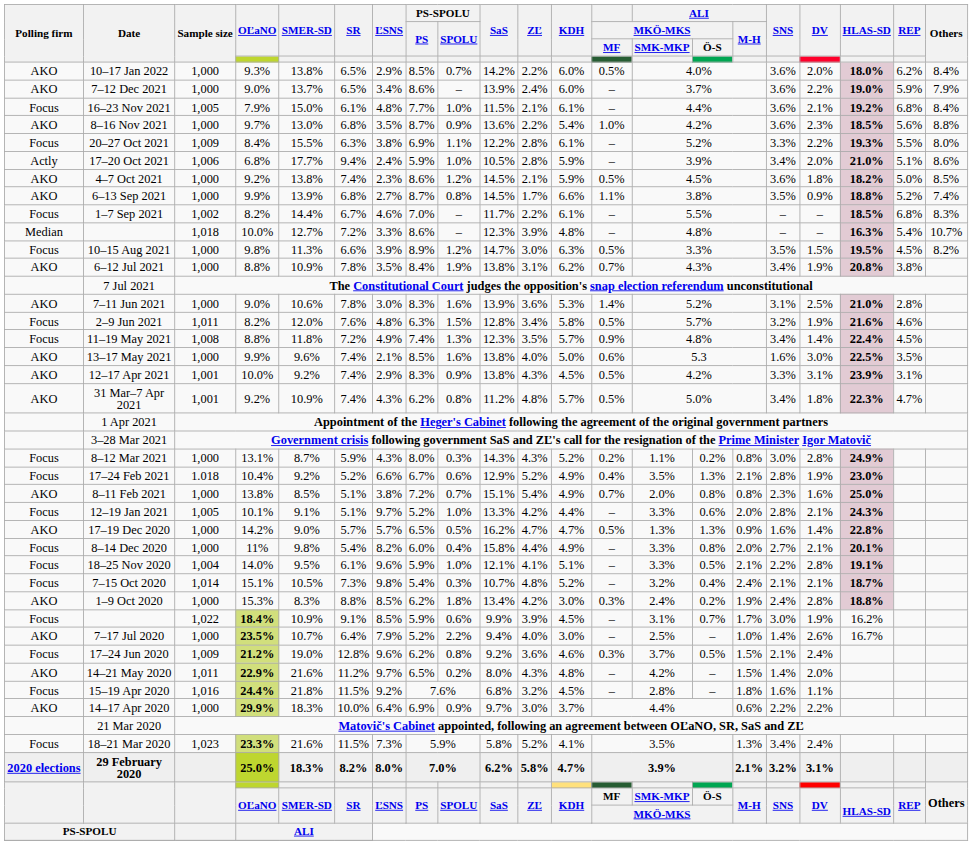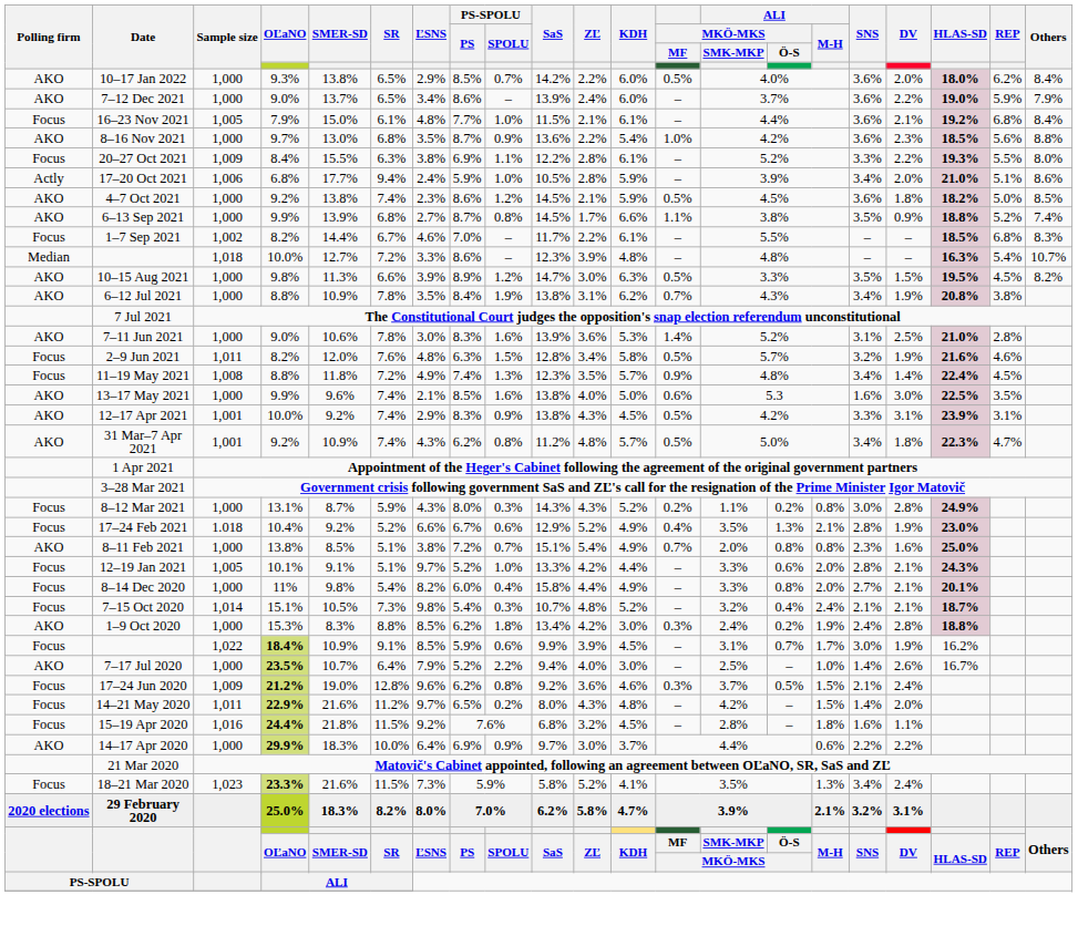 <table class="wikitable sortable nowrap mw-datatable" style="text-align:center; font-size:90%; line-height:14px;">
 <tr style="font-size:90%";>
 <th rowspan="4">Polling firm</th>
 <th style="width:100px;" data-sort-type="date"; rowspan="4">Date</th>
 <th class="unsortable" rowspan="4">Sample size</th>
 <th class="unsortable" rowspan="3"><a href='#'>OĽaNO</a></th>
 <th class="unsortable" rowspan="3"><a href='#'>SMER-SD</a></th>
 <th class="unsortable" rowspan="3"><a href='#'>SR</a></th>
 <th class="unsortable" rowspan="3"><a href='#'>ĽSNS</a></th>
 <th class="unsortable" colspan="2">PS-SPOLU</th>
 <th class="unsortable" rowspan="3"><a href='#'>SaS</a></th>
 <th class="unsortable" rowspan="3"><a href='#'>ZĽ</a></th>
 <th class="unsortable" rowspan="3"><a href='#'>KDH</a></th>
 <th class="unsortable"></th>
 <th class="unsortable" colspan="3"><a href='#'>ALI</a></th>
 <th class="unsortable" rowspan="3"><a href='#'>SNS</a></th>
 <th rowspan="3" class="unsortable"><a href='#'>DV</a></th>
 <th class="unsortable" rowspan="3"><a href='#'>HLAS-SD</a></th>
 <th class="unsortable" rowspan="3"><a href='#'>REP</a></th>
 <th class="unsortable" style="width:20px;" rowspan="4">Others</th>
 </tr>
 <tr style="font-size:90%";>
 <th class="unsortable" rowspan="2"><a href='#'>PS</a></th>
 <th class="unsortable" rowspan="2"><a href='#'>SPOLU</a></th>
 <th class="unsortable" colspan="3"><a href='#'>MKÖ-MKS</a></th>
 <th class="unsortable" rowspan="2"><a href='#'>M-H</a></th>
 </tr>
 <tr style="font-size:90%";>
 <th class="unsortable"><a href='#'>MF</a></th>
 <th class="unsortable"><a href='#'>SMK-MKP</a></th>
 <th class="unsortable">Ö-S</th>
 </tr>
 <tr>
 <th style="background:#BED62F; width:40px;"></th>
 <th style="background:"></th>
 <th style="background:"></th>
 <th style="background:"></th>
 <th style="background:"></th>
 <th style="background:"></th>
 <th style="background:"></th>
 <th style="background:"></th>
 <th style="background:"></th>
 <th style="background:#275D33; width:40px;"></th>
 <th style="background:"></th>
 <th style="background:#00A652; width:40px;"></th>
 <th style="background:"></th>
 <th style="background:"></th>
 <th style="background:#FF002B; width:40px;"></th>
 <th style="background:"></th>
 <th style="background:"></th>
 </tr>
 <tr>
 <td>AKO</td>
 <td data-sort-value="2022-01-17">10–17 Jan 2022</td>
 <td>1,000</td>
 <td>9.3%<br></td>
 <td>13.8%<br></td>
 <td>6.5%<br></td>
 <td>2.9%<br></td>
 <td>8.5%<br></td>
 <td>0.7%<br></td>
 <td>14.2%<br></td>
 <td>2.2%<br></td>
 <td>6.0%<br></td>
 <td>0.5%<br></td>
 <td colspan="3">4.0%<br></td>
 <td>3.6%<br></td>
 <td>2.0%<br></td>
 <td style="background:#E2CBD4;"><strong>18.0%</strong><br></td>
 <td>6.2%<br></td>
 <td>8.4%</td>
 </tr>
 <tr>
 <td>AKO</td>
 <td data-sort-value="2021-12-12">7–12 Dec 2021</td>
 <td>1,000</td>
 <td>9.0%<br></td>
 <td>13.7%<br></td>
 <td>6.5%<br></td>
 <td>3.4%<br></td>
 <td>8.6%<br></td>
 <td>–</td>
 <td>13.9%<br></td>
 <td>2.4%<br></td>
 <td>6.0%<br></td>
 <td>–</td>
 <td colspan="3">3.7%<br></td>
 <td>3.6%<br></td>
 <td>2.2%<br></td>
 <td style="background:#E2CBD4;"><strong>19.0%</strong><br></td>
 <td>5.9%<br></td>
 <td>7.9%</td>
 </tr>
 <tr>
 <td>Focus</td>
 <td data-sort-value="2021-11-23">16–23 Nov 2021</td>
 <td>1,005</td>
 <td>7.9%<br></td>
 <td>15.0%<br></td>
 <td>6.1%<br></td>
 <td>4.8%<br></td>
 <td>7.7%<br></td>
 <td>1.0%<br></td>
 <td>11.5%<br></td>
 <td>2.1%<br></td>
 <td>6.1%<br></td>
 <td>–</td>
 <td colspan="3">4.4%<br></td>
 <td>3.6%<br></td>
 <td>2.1%<br></td>
 <td style="background:#E2CBD4;"><strong>19.2%</strong><br></td>
 <td>6.8%<br></td>
 <td>8.4%</td>
 </tr>
 <tr>
 <td>AKO</td>
 <td data-sort-value="2021-11-16">8–16 Nov 2021</td>
 <td>1,000</td>
 <td>9.7%<br></td>
 <td>13.0%<br></td>
 <td>6.8%<br></td>
 <td>3.5%<br></td>
 <td>8.7%<br></td>
 <td>0.9%<br></td>
 <td>13.6%<br></td>
 <td>2.2%<br></td>
 <td>5.4%<br></td>
 <td>1.0%<br></td>
 <td colspan="3">4.2%<br></td>
 <td>3.6%<br></td>
 <td>2.3%<br></td>
 <td style="background:#E2CBD4;"><strong>18.5%</strong><br></td>
 <td>5.6%<br></td>
 <td>8.8%</td>
 </tr>
 <tr>
 <td>Focus</td>
 <td data-sort-value="2021-10-27">20–27 Oct 2021</td>
 <td>1,009</td>
 <td>8.4%<br></td>
 <td>15.5%<br></td>
 <td>6.3%<br></td>
 <td>3.8%<br></td>
 <td>6.9%<br></td>
 <td>1.1%<br></td>
 <td>12.2%<br></td>
 <td>2.8%<br></td>
 <td>6.1%<br></td>
 <td>–</td>
 <td colspan="3">5.2%<br></td>
 <td>3.3%<br></td>
 <td>2.2%<br></td>
 <td style="background:#E2CBD4;"><strong>19.3%</strong><br></td>
 <td>5.5%<br></td>
 <td>8.0%</td>
 </tr>
 <tr>
 <td>Actly</td>
 <td data-sort-value="2021-10-20">17–20 Oct 2021</td>
 <td>1,006</td>
 <td>6.8%<br></td>
 <td>17.7%<br></td>
 <td>9.4%<br></td>
 <td>2.4%<br></td>
 <td>5.9%<br></td>
 <td>1.0%<br></td>
 <td>10.5%<br></td>
 <td>2.8%<br></td>
 <td>5.9%<br></td>
 <td>–</td>
 <td colspan="3">3.9%<br></td>
 <td>3.4%<br></td>
 <td>2.0%<br></td>
 <td style="background:#E2CBD4;"><strong>21.0%</strong></td>
 <td>5.1%<br></td>
 <td>8.6%</td>
 </tr>
 <tr>
 <td>AKO</td>
 <td data-sort-value="2021-10-07">4–7 Oct 2021</td>
 <td>1,000</td>
 <td>9.2%<br></td>
 <td>13.8%<br></td>
 <td>7.4%<br></td>
 <td>2.3%<br></td>
 <td>8.6%<br></td>
 <td>1.2%<br></td>
 <td>14.5%<br></td>
 <td>2.1%<br></td>
 <td>5.9%<br></td>
 <td>0.5%<br></td>
 <td colspan="3">4.5%<br></td>
 <td>3.6%<br></td>
 <td>1.8%<br></td>
 <td style="background:#E2CBD4;"><strong>18.2%</strong><br></td>
 <td>5.0% <br></td>
 <td>8.5%</td>
 </tr>
 <tr>
 <td>AKO</td>
 <td data-sort-value="2021-09-13">6–13 Sep 2021</td>
 <td>1,000</td>
 <td>9.9%<br></td>
 <td>13.9%<br></td>
 <td>6.8%<br></td>
 <td>2.7%<br></td>
 <td>8.7%<br></td>
 <td>0.8%<br></td>
 <td>14.5%<br></td>
 <td>1.7%<br></td>
 <td>6.6%<br></td>
 <td>1.1%<br></td>
 <td colspan="3">3.8%<br></td>
 <td>3.5%<br></td>
 <td>0.9%<br></td>
 <td style="background:#E2CBD4;"><strong>18.8%</strong><br></td>
 <td>5.2%<br></td>
 <td>7.4%</td>
 </tr>
 <tr>
 <td>Focus</td>
 <td data-sort-value="2021-09-07">1–7 Sep 2021</td>
 <td>1,002</td>
 <td>8.2%<br></td>
 <td>14.4%<br></td>
 <td>6.7%<br></td>
 <td>4.6%<br></td>
 <td>7.0%<br></td>
 <td>–</td>
 <td>11.7%<br></td>
 <td>2.2%<br></td>
 <td>6.1%<br></td>
 <td>–</td>
 <td colspan="3">5.5%<br></td>
 <td>–</td>
 <td>–</td>
 <td style="background:#E2CBD4;"><strong>18.5%</strong><br></td>
 <td>6.8%<br></td>
 <td>8.3%</td>
 </tr>
 <tr>
 <td>Median</td>
 <td data-sort-value="2021-09-06"></td>
 <td>1,018</td>
 <td>10.0%</td>
 <td>12.7%</td>
 <td>7.2%</td>
 <td>3.3%</td>
 <td>8.6%</td>
 <td>–</td>
 <td>12.3%</td>
 <td>3.9%</td>
 <td>4.8%</td>
 <td>–</td>
 <td colspan="3">4.8%</td>
 <td>–</td>
 <td>–</td>
 <td style="background:#E2CBD4;"><strong>16.3%</strong></td>
 <td>5.4%</td>
 <td>10.7%</td>
 </tr>
 <tr>
-<td>Focus</td>
+<td>AKO</td>
 <td data-sort-value="2021-08-15">10–15 Aug 2021</td>
 <td>1,000</td>
 <td>9.8%<br></td>
 <td>11.3%<br></td>
 <td>6.6%<br></td>
 <td>3.9%<br></td>
 <td>8.9%<br></td>
 <td>1.2%<br></td>
 <td>14.7%<br></td>
 <td>3.0%<br></td>
 <td>6.3%<br></td>
 <td>0.5%<br></td>
 <td colspan="3">3.3%<br></td>
 <td>3.5%<br></td>
 <td>1.5%<br></td>
 <td style="background:#E2CBD4;"><strong>19.5%</strong><br></td>
 <td>4.5%<br></td>
 <td>8.2%</td>
 </tr>
 <tr>
 <td>AKO</td>
 <td data-sort-value="2021-07-12">6–12 Jul 2021</td>
 <td>1,000</td>
 <td>8.8%</td>
 <td>10.9%</td>
 <td>7.8%</td>
 <td>3.5%</td>
 <td>8.4%</td>
 <td>1.9%</td>
 <td>13.8%</td>
 <td>3.1%</td>
 <td>6.2%</td>
 <td>0.7%</td>
 <td colspan="3">4.3%</td>
 <td>3.4%</td>
 <td>1.9%</td>
 <td style="background:#E2CBD4;"><strong>20.8%</strong></td>
 <td>3.8%</td>
 <td></td>
 </tr>
 <tr>
 <td></td>
 <td data-sort-value="2021-04-01">7 Jul 2021</td>
 <td colspan="19"><strong>The <a href='#'>Constitutional Court</a> judges the opposition's <a href='#'>snap election referendum</a> unconstitutional</strong></td>
 </tr>
 <tr>
 <td>AKO</td>
 <td data-sort-value="2021-06-11">7–11 Jun 2021</td>
 <td>1,000</td>
 <td>9.0%</td>
 <td>10.6%</td>
 <td>7.8%</td>
 <td>3.0%</td>
 <td>8.3%</td>
 <td>1.6%</td>
 <td>13.9%</td>
 <td>3.6%</td>
 <td>5.3%</td>
 <td>1.4%</td>
 <td colspan="3">5.2%</td>
 <td>3.1%</td>
 <td>2.5%</td>
 <td style="background:#E2CBD4;"><strong>21.0%</strong></td>
 <td>2.8%</td>
 <td></td>
 </tr>
 <tr>
 <td>Focus</td>
 <td data-sort-value="2021-06-09">2–9 Jun 2021</td>
 <td>1,011</td>
 <td>8.2%</td>
 <td>12.0%</td>
 <td>7.6%</td>
 <td>4.8%</td>
 <td>6.3%</td>
 <td>1.5%</td>
 <td>12.8%</td>
 <td>3.4%</td>
 <td>5.8%</td>
 <td>0.5%</td>
 <td colspan="3">5.7%</td>
 <td>3.2%</td>
 <td>1.9%</td>
 <td style="background:#E2CBD4;"><strong>21.6%</strong></td>
 <td>4.6%</td>
 <td></td>
 </tr>
 <tr>
 <td>Focus</td>
 <td data-sort-value="2021-05-19">11–19 May 2021</td>
 <td>1,008</td>
 <td>8.8%</td>
 <td>11.8%</td>
 <td>7.2%</td>
 <td>4.9%</td>
 <td>7.4%</td>
 <td>1.3%</td>
 <td>12.3%</td>
 <td>3.5%</td>
 <td>5.7%</td>
 <td>0.9%</td>
 <td colspan="3">4.8%</td>
 <td>3.4%</td>
 <td>1.4%</td>
 <td style="background:#E2CBD4;"><strong>22.4%</strong></td>
 <td>4.5%</td>
 <td></td>
 </tr>
 <tr>
 <td>AKO</td>
 <td data-sort-value="2021-05-17">13–17 May 2021</td>
 <td>1,000</td>
 <td>9.9%</td>
 <td>9.6%</td>
 <td>7.4%</td>
 <td>2.1%</td>
 <td>8.5%</td>
 <td>1.6%</td>
 <td>13.8%</td>
 <td>4.0%</td>
 <td>5.0%</td>
 <td>0.6%</td>
 <td colspan="3">5.3</td>
 <td>1.6%</td>
 <td>3.0%</td>
 <td style="background:#E2CBD4;"><strong>22.5%</strong></td>
 <td>3.5%</td>
 <td></td>
 </tr>
 <tr>
 <td>AKO</td>
 <td data-sort-value="2021-04-17">12–17 Apr 2021</td>
 <td>1,001</td>
 <td>10.0%</td>
 <td>9.2%</td>
 <td>7.4%</td>
 <td>2.9%</td>
 <td>8.3%</td>
 <td>0.9%</td>
 <td>13.8%</td>
 <td>4.3%</td>
 <td>4.5%</td>
 <td>0.5%</td>
 <td colspan="3">4.2%</td>
 <td>3.3%</td>
 <td>3.1%</td>
 <td style="background:#E2CBD4;"><strong>23.9%</strong></td>
 <td>3.1%</td>
 <td></td>
 </tr>
 <tr>
 <td>AKO</td>
 <td data-sort-value="2021-04-07">31 Mar–7 Apr 2021</td>
 <td>1,001</td>
 <td>9.2%</td>
 <td>10.9%</td>
 <td>7.4%</td>
 <td>4.3%</td>
 <td>6.2%</td>
 <td>0.8%</td>
 <td>11.2%</td>
 <td>4.8%</td>
 <td>5.7%</td>
 <td>0.5%</td>
 <td colspan="3">5.0%</td>
 <td>3.4%</td>
 <td>1.8%</td>
 <td style="background:#E2CBD4;"><strong>22.3%</strong></td>
 <td>4.7%</td>
 <td></td>
 </tr>
 <tr>
 <td></td>
 <td data-sort-value="2021-04-01">1 Apr 2021</td>
 <td colspan="19"><strong>Appointment of the <a href='#'>Heger's Cabinet</a> following the agreement of the original government partners</strong></td>
 </tr>
 <tr>
 <td></td>
 <td data-sort-value="2021-03-28">3–28 Mar 2021</td>
 <td colspan="19"><strong><a href='#'>Government crisis</a> following government SaS and ZĽ's call for the resignation of the <a href='#'>Prime Minister</a> <a href='#'>Igor Matovič</a></strong></td>
 </tr>
 <tr>
 <td>Focus</td>
 <td data-sort-value="2021-03-12">8–12 Mar 2021</td>
 <td>1,000</td>
 <td>13.1%</td>
 <td>8.7%</td>
 <td>5.9%</td>
 <td>4.3%</td>
 <td>8.0%</td>
 <td>0.3%</td>
 <td>14.3%</td>
 <td>4.3%</td>
 <td>5.2%</td>
 <td>0.2%</td>
 <td>1.1%</td>
 <td>0.2%</td>
 <td>0.8%</td>
 <td>3.0%</td>
 <td>2.8%</td>
 <td style="background:#E2CBD4;"><strong>24.9%</strong></td>
 <td></td>
 <td></td>
 </tr>
 <tr>
 <td>Focus</td>
 <td data-sort-value="2021-02-24">17–24 Feb 2021</td>
 <td>1.018</td>
 <td>10.4%</td>
 <td>9.2%</td>
 <td>5.2%</td>
 <td>6.6%</td>
 <td>6.7%</td>
 <td>0.6%</td>
 <td>12.9%</td>
 <td>5.2%</td>
 <td>4.9%</td>
 <td>0.4%</td>
 <td>3.5%</td>
 <td>1.3%</td>
 <td>2.1%</td>
 <td>2.8%</td>
 <td>1.9%</td>
 <td style="background:#E2CBD4;"><strong>23.0%</strong></td>
 <td></td>
 <td></td>
 </tr>
 <tr>
 <td>AKO</td>
 <td data-sort-value="2021-02-11">8–11 Feb 2021</td>
 <td>1,000</td>
 <td>13.8%</td>
 <td>8.5%</td>
 <td>5.1%</td>
 <td>3.8%</td>
 <td>7.2%</td>
 <td>0.7%</td>
 <td>15.1%</td>
 <td>5.4%</td>
 <td>4.9%</td>
 <td>0.7%</td>
 <td>2.0%</td>
 <td>0.8%</td>
 <td>0.8%</td>
 <td>2.3%</td>
 <td>1.6%</td>
 <td style="background:#E2CBD4;"><strong>25.0%</strong></td>
 <td></td>
 <td></td>
 </tr>
 <tr>
 <td>Focus</td>
 <td data-sort-value="2021-01-19">12–19 Jan 2021</td>
 <td>1,005</td>
 <td>10.1%</td>
 <td>9.1%</td>
 <td>5.1%</td>
 <td>9.7%</td>
 <td>5.2%</td>
 <td>1.0%</td>
 <td>13.3%</td>
 <td>4.2%</td>
 <td>4.4%</td>
 <td>–</td>
 <td>3.3%</td>
 <td>0.6%</td>
 <td>2.0%</td>
 <td>2.8%</td>
 <td>2.1%</td>
 <td style="background:#E2CBD4;"><strong>24.3%</strong></td>
 <td></td>
 <td></td>
 </tr>
 <tr>
-<td>AKO</td>
-<td data-sort-value="2020-12-19">17–19 Dec 2020</td>
-<td>1,000</td>
-<td>14.2%</td>
-<td>9.0%</td>
-<td>5.7%</td>
-<td>5.7%</td>
-<td>6.5%</td>
-<td>0.5%</td>
-<td>16.2%</td>
-<td>4.7%</td>
-<td>4.7%</td>
-<td>0.5%</td>
-<td>1.3%</td>
-<td>1.3%</td>
-<td>0.9%</td>
-<td>1.6%</td>
-<td>1.4%</td>
-<td style="background:#E2CBD4;"><strong>22.8%</strong></td>
-<td></td>
-<td></td>
-</tr>
-<tr>
 <td>Focus</td>
 <td data-sort-value="2020-12-14">8–14 Dec 2020</td>
 <td>1,000</td>
 <td>11%</td>
 <td>9.8%</td>
 <td>5.4%</td>
 <td>8.2%</td>
 <td>6.0%</td>
 <td>0.4%</td>
 <td>15.8%</td>
 <td>4.4%</td>
 <td>4.9%</td>
 <td>–</td>
 <td>3.3%</td>
 <td>0.8%</td>
 <td>2.0%</td>
 <td>2.7%</td>
 <td>2.1%</td>
 <td style="background:#E2CBD4;"><strong>20.1%</strong></td>
-<td></td>
-<td></td>
-</tr>
-<tr>
-<td>Focus</td>
-<td data-sort-value="2020-11-25">18–25 Nov 2020</td>
-<td>1,004</td>
-<td>14.0%</td>
-<td>9.5%</td>
-<td>6.1%</td>
-<td>9.6%</td>
-<td>5.9%</td>
-<td>1.0%</td>
-<td>12.1%</td>
-<td>4.1%</td>
-<td>5.1%</td>
-<td>–</td>
-<td>3.3%</td>
-<td>0.5%</td>
-<td>2.1%</td>
-<td>2.2%</td>
-<td>2.8%</td>
-<td style="background:#E2CBD4;"><strong>19.1%</strong></td>
 <td></td>
 <td></td>
 </tr>
 <tr>
 <td>Focus</td>
 <td data-sort-value="2020-10-15">7–15 Oct 2020</td>
 <td>1,014</td>
 <td>15.1%</td>
 <td>10.5%</td>
 <td>7.3%</td>
 <td>9.8%</td>
 <td>5.4%</td>
 <td>0.3%</td>
 <td>10.7%</td>
 <td>4.8%</td>
 <td>5.2%</td>
 <td>–</td>
 <td>3.2%</td>
 <td>0.4%</td>
 <td>2.4%</td>
 <td>2.1%</td>
 <td>2.1%</td>
 <td style="background:#E2CBD4;"><strong>18.7%</strong></td>
 <td></td>
 <td></td>
 </tr>
 <tr>
 <td>AKO</td>
 <td data-sort-value="2020-10-09">1–9 Oct 2020</td>
 <td>1,000</td>
 <td>15.3%</td>
 <td>8.3%</td>
 <td>8.8%</td>
 <td>8.5%</td>
 <td>6.2%</td>
 <td>1.8%</td>
 <td>13.4%</td>
 <td>4.2%</td>
 <td>3.0%</td>
 <td>0.3%</td>
 <td>2.4%</td>
 <td>0.2%</td>
 <td>1.9%</td>
 <td>2.4%</td>
 <td>2.8%</td>
 <td style="background:#E2CBD4;"><strong>18.8%</strong></td>
 <td></td>
 <td></td>
 </tr>
 <tr>
 <td>Focus</td>
 <td data-sort-value="2020-09-02"></td>
 <td>1,022</td>
 <td style="background:#D1DF7C"><strong>18.4%</strong><br></td>
 <td>10.9%<br></td>
 <td>9.1%<br></td>
 <td>8.5%<br></td>
 <td>5.9%<br></td>
 <td>0.6%<br></td>
 <td>9.9%<br></td>
 <td>3.9%<br></td>
 <td>4.5%<br></td>
 <td>–</td>
 <td>3.1%<br></td>
 <td>0.7%<br></td>
 <td>1.7%<br></td>
 <td>3.0%<br></td>
 <td>1.9%<br></td>
 <td>16.2%<br></td>
 <td></td>
 <td></td>
 </tr>
 <tr>
 <td>AKO</td>
 <td data-sort-value="2020-07-17">7–17 Jul 2020</td>
 <td>1,000</td>
 <td style="background:#D1DF7C"><strong>23.5%</strong><br></td>
 <td>10.7%<br></td>
 <td>6.4%<br></td>
 <td>7.9%<br></td>
 <td>5.2%<br></td>
 <td>2.2%<br></td>
 <td>9.4%<br></td>
 <td>4.0%<br></td>
 <td>3.0%<br></td>
 <td>–</td>
 <td>2.5%<br></td>
 <td>–</td>
 <td>1.0%<br></td>
 <td>1.4%<br></td>
 <td>2.6%<br></td>
 <td>16.7%<br></td>
 <td></td>
 <td></td>
 </tr>
 <tr>
 <td>Focus</td>
 <td data-sort-value="2020-06-24">17–24 Jun 2020</td>
 <td>1,009</td>
 <td style="background:#D1DF7C"><strong>21.2%</strong><br></td>
 <td>19.0%<br></td>
 <td>12.8%<br></td>
 <td>9.6%<br></td>
 <td>6.2%<br></td>
 <td>0.8%<br></td>
 <td>9.2%<br></td>
 <td>3.6%<br></td>
 <td>4.6%<br></td>
 <td>0.3%<br></td>
 <td>3.7%<br></td>
 <td>0.5%<br></td>
 <td>1.5%<br></td>
 <td>2.1%<br></td>
 <td>2.4%<br></td>
 <td></td>
 <td></td>
 <td></td>
 </tr>
 <tr>
-<td>AKO</td>
+<td>Focus</td>
 <td data-sort-value="2020-05-21">14–21 May 2020</td>
 <td>1,011</td>
 <td style="background:#D1DF7C"><strong>22.9%</strong><br></td>
 <td>21.6%<br></td>
 <td>11.2%<br></td>
 <td>9.7%<br></td>
 <td>6.5%<br></td>
 <td>0.2%<br></td>
 <td>8.0%<br></td>
 <td>4.3%<br></td>
 <td>4.8%<br></td>
 <td>–</td>
 <td>4.2%<br></td>
 <td>–</td>
 <td>1.5%<br></td>
 <td>1.4%<br></td>
 <td>2.0%<br></td>
 <td></td>
 <td></td>
 <td></td>
 </tr>
 <tr>
 <td>Focus</td>
 <td data-sort-value="2020-04-19">15–19 Apr 2020</td>
 <td>1,016</td>
 <td style="background:#D1DF7C"><strong>24.4%</strong><br></td>
 <td>21.8%<br></td>
 <td>11.5%<br></td>
 <td>9.2%<br></td>
 <td colspan="2">7.6%<br></td>
 <td>6.8%<br></td>
 <td>3.2%<br></td>
 <td>4.5%<br></td>
 <td>–</td>
 <td>2.8%<br></td>
 <td>–</td>
 <td>1.8%<br></td>
 <td>1.6%<br></td>
 <td>1.1%<br></td>
 <td></td>
 <td></td>
 <td></td>
 </tr>
 <tr>
 <td>AKO</td>
 <td data-sort-value="2020-04-17">14–17 Apr 2020</td>
 <td>1,000</td>
 <td style="background:#D1DF7C"><strong>29.9%</strong><br></td>
 <td>18.3%<br></td>
 <td>10.0%<br></td>
 <td>6.4%<br></td>
 <td>6.9%<br></td>
 <td>0.9%<br></td>
 <td>9.7%<br></td>
 <td>3.0%<br></td>
 <td>3.7%<br></td>
 <td colspan="3">4.4%<br></td>
 <td>0.6%<br></td>
 <td>2.2%<br></td>
 <td>2.2%<br></td>
 <td></td>
 <td></td>
 <td></td>
 </tr>
 <tr>
 <td></td>
 <td data-sort-value="2020-03-21">21 Mar 2020</td>
 <td colspan="19"><strong><a href='#'>Matovič's Cabinet</a> appointed, following an agreement between OĽaNO, SR, SaS and ZĽ</strong></td>
 </tr>
 <tr>
 <td>Focus</td>
 <td data-sort-value="2020-03-31">18–21 Mar 2020</td>
 <td>1,023</td>
 <td style="background:#D1DF7C"><strong>23.3%</strong></td>
 <td>21.6%</td>
 <td>11.5%</td>
 <td>7.3%</td>
 <td colspan="2">5.9%</td>
 <td>5.8%</td>
 <td>5.2%</td>
 <td>4.1%</td>
 <td colspan="3">3.5%</td>
 <td>1.3%</td>
 <td>3.4%</td>
 <td>2.4%</td>
 <td></td>
 <td></td>
 <td></td>
 </tr>
 <tr style="background:#EFEFEF; font-weight:bold;">
 <td><a href='#'>2020 elections</a></td>
 <td data-sort-value="2020-02-29">29 February 2020</td>
 <td></td>
 <td style="background:#BED62F;"><strong>25.0%</strong><br></td>
 <td>18.3%<br></td>
 <td>8.2%<br></td>
 <td>8.0%<br></td>
 <td colspan="2">7.0%<br></td>
 <td>6.2%<br></td>
 <td>5.8%<br></td>
 <td>4.7%<br></td>
 <td colspan="3">3.9%<br></td>
 <td>2.1%<br></td>
 <td>3.2%<br></td>
 <td>3.1%<br></td>
 <td></td>
 <td></td>
 <td></td>
 </tr>
 <tr style="background-color:#E9E9E9">
 <th rowspan="4"></th>
 <th rowspan="4"></th>
 <th class="unsortable" rowspan="4"></th>
 <th style="background:#BED62F; width:40px;"></th>
 <th style="background:"></th>
 <th style="background:"></th>
 <th style="background:"></th>
 <th style="background:"></th>
 <th style="background:"></th>
 <th style="background:"></th>
 <th style="background:"></th>
 <th style="background:#FFE17C; width:40px;"></th>
 <th style="background:#275D33; width:40px;"></th>
 <th style="background:"></th>
 <th style="background:#00A652; width:40px;"></th>
 <th style="background:"></th>
 <th style="background:"></th>
 <th style="background:#FF0000; width:40px;"></th>
 <th style="background:"></th>
 <th style="background:"></th>
 <th style="width:20px;" rowspan="4">Others</th>
 </tr>
 <tr style="font-size:90%;">
 <th rowspan="3"><a href='#'>OĽaNO</a></th>
 <th rowspan="3"><a href='#'>SMER-SD</a></th>
 <th rowspan="3"><a href='#'>SR</a></th>
 <th rowspan="3"><a href='#'>ĽSNS</a></th>
 <th rowspan="2"><a href='#'>PS</a></th>
 <th rowspan="2"><a href='#'>SPOLU</a></th>
 <th rowspan="3"><a href='#'>SaS</a></th>
 <th rowspan="3"><a href='#'>ZĽ</a></th>
 <th rowspan="3"><a href='#'>KDH</a></th>
 <th>MF</th>
 <th><a href='#'>SMK-MKP</a></th>
 <th>Ö-S</th>
 <th rowspan="2"><a href='#'>M-H</a></th>
 <th rowspan="3"><a href='#'>SNS</a></th>
 <th rowspan="3"><a href='#'>DV</a></th>
 <th rowspan="3"><a href='#'><br>HLAS-SD</a></th>
 <th class="unsortable" rowspan="3"><a href='#'>REP</a></th>
 </tr>
 <tr style="font-size:90%;">
 <th colspan="3"><a href='#'>MKÖ-MKS</a></th>
 </tr>
 <tr>
 </tr>
 <tr style="font-size:90%;">
 <th colspan="2">PS-SPOLU</th>
 <th></th>
 <th colspan="3"><a href='#'>ALI</a></th>
 </tr>
 <tr>
 </tr>
 </table>
